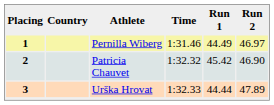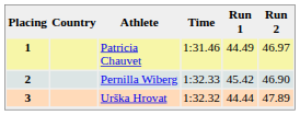 <table style="border-style:solid;border-width:1px;border-color:#808080;background-color:#EFEFEF" cellspacing="2" cellpadding="2" width="380px">
 <tr bgcolor="#EFEFEF">
 <th>Placing</th>
 <th>Country</th>
 <th>Athlete</th>
 <th>Time</th>
 <th>Run 1</th>
 <th>Run 2</th>
 </tr>
 <tr align="center" valign="top" bgcolor="#F7F6A8">
 <th>1</th>
 <td></td>
-<td align="left"><a href='#'>Pernilla Wiberg</a></td>
+<td align="left"><a href='#'>Patricia Chauvet</a></td>
 <td align="left">1:31.46</td>
 <td>44.49</td>
 <td>46.97</td>
 </tr>
 <tr align="center" valign="top" bgcolor="#DCE5E5">
 <th>2</th>
 <td></td>
-<td align="left"><a href='#'>Patricia Chauvet</a></td>
-<td align="left">1:32.32</td>
+<td align="left"><a href='#'>Pernilla Wiberg</a></td>
+<td align="left">1:32.33</td>
 <td>45.42</td>
 <td>46.90</td>
 </tr>
 <tr align="center" valign="top" bgcolor="#FFDAB9">
 <th>3</th>
 <td></td>
 <td align="left"><a href='#'>Urška Hrovat</a></td>
-<td align="left">1:32.33</td>
+<td align="left">1:32.32</td>
 <td>44.44</td>
 <td>47.89</td>
 </tr>
 <tr align="center" valign="top" bgcolor="#FFFFFF">
 </tr>
 </table>
